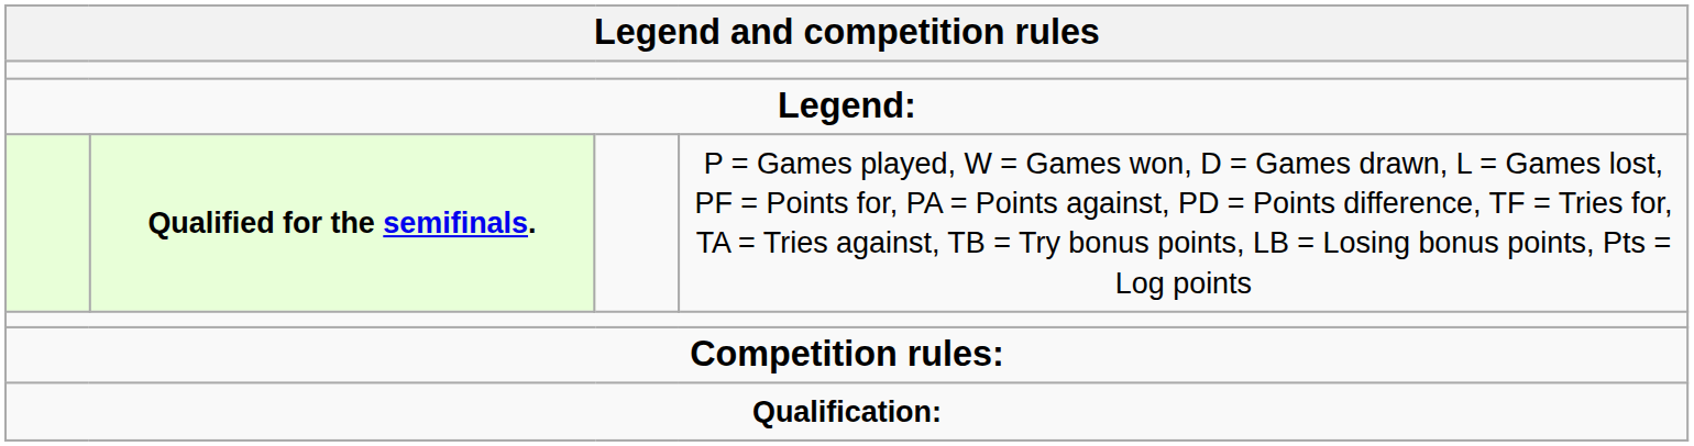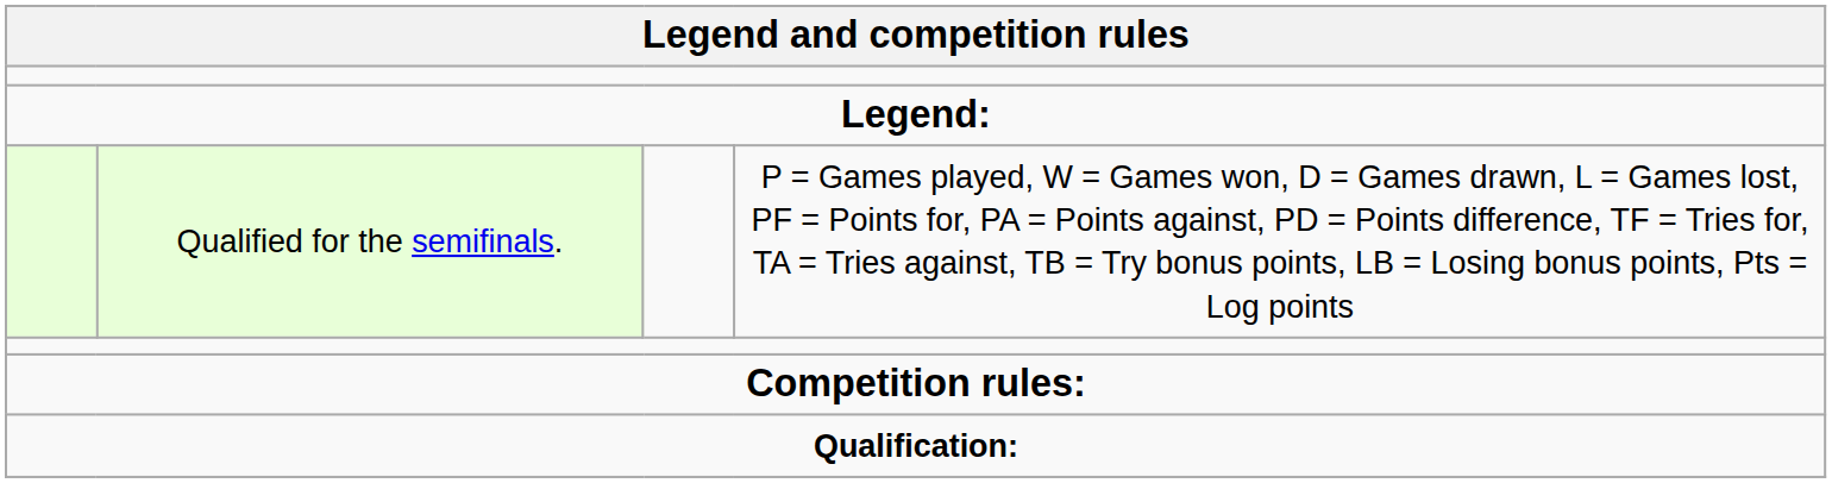 <table class="wikitable collapsible collapsed" style="text-align:center; font-size:100%; width:60%;">
 <tr>
 <th colspan="100%" style="border:0px">Legend and competition rules</th>
 </tr>
 <tr>
 <td colspan="100%"></td>
 </tr>
 <tr>
 <td colspan="100%" style="border:0px"><strong>Legend:</strong></td>
 </tr>
 <tr>
 <td style="width:5%; background:#E8FFD8"></td>
-<td style="width:30%; background:#E8FFD8"><strong><small>Qualified for the <a href='#'>semifinals</a>.</small></strong></td>
+<td style="width:30%; background:#E8FFD8"><small>Qualified for the <a href='#'>semifinals</a>.</small></td>
 <td style="width:5%;"></td>
 <td style="width:60%;"><small>P = Games played, W = Games won, D = Games drawn, L = Games lost, PF = Points for, PA = Points against, PD = Points difference, TF = Tries for, TA = Tries against, TB = Try bonus points, LB = Losing bonus points, Pts = Log points</small></td>
 </tr>
 <tr>
 <td colspan="100%"></td>
 </tr>
 <tr>
 <td colspan="100%" style="border:0px"><strong>Competition rules:</strong></td>
 </tr>
 <tr>
 <td colspan="100%"><small><strong>Qualification:</strong></small><br></td>
 </tr>
 </table>
